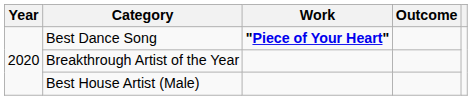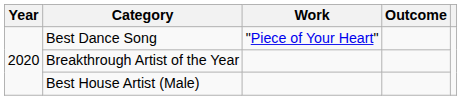 <table class="wikitable plainrowheaders">
 <tr>
 <th>Year</th>
 <th>Category</th>
 <th>Work</th>
 <th>Outcome</th>
 <th></th>
 </tr>
 <tr>
 <td rowspan="3">2020</td>
 <td>Best Dance Song</td>
-<td><strong>"<a href='#'>Piece of Your Heart</a>"</strong></td>
+<td>"<a href='#'>Piece of Your Heart</a>"</td>
 <td></td>
 <td rowspan="3"></td>
 </tr>
 <tr>
 <td>Breakthrough Artist of the Year</td>
 <td></td>
 <td></td>
 </tr>
 <tr>
 <td>Best House Artist (Male)</td>
 <td></td>
 <td></td>
 </tr>
 </table>
